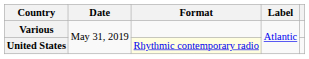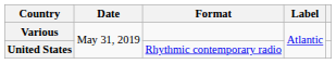 <table class="wikitable plainrowheaders">
 <tr>
 <th scope="col">Country</th>
 <th scope="col">Date</th>
 <th scope="col">Format</th>
 <th scope="col">Label</th>
 <th scope="col"></th>
 </tr>
 <tr>
 <th scope="row">Various</th>
 <td rowspan="2">May 31, 2019</td>
 <td></td>
 <td rowspan="2"><a href='#'>Atlantic</a></td>
 <td align="center"></td>
 </tr>
 <tr>
 <th scope="row">United States</th>
-<td style="background: lightyellow;"><a href='#'>Rhythmic contemporary radio</a></td>
+<td><a href='#'>Rhythmic contemporary radio</a></td>
 <td align="center"></td>
 </tr>
 </table>
